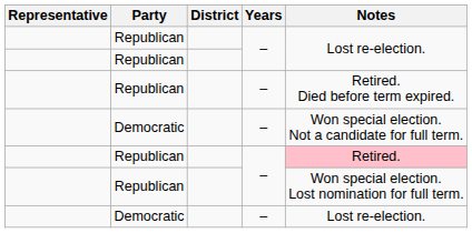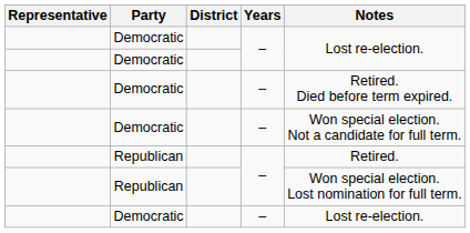 <table class="wikitable sortable" style="text-align:center">
 <tr valign=bottom>
 <th>Representative</th>
 <th>Party</th>
 <th>District</th>
 <th>Years</th>
 <th>Notes</th>
 </tr>
 <tr>
 <td align=left></td>
-<td>Republican</td>
+<td>Democratic</td>
 <td></td>
 <td rowspan="2" nowrap=""> –<br></td>
 <td rowspan="2">Lost re-election.</td>
 </tr>
 <tr>
 <td align=left></td>
-<td>Republican</td>
+<td>Democratic</td>
 <td></td>
 </tr>
 <tr>
 <td align=left></td>
-<td>Republican</td>
+<td>Democratic</td>
 <td></td>
 <td nowrap> –<br></td>
 <td>Retired.<br>Died before term expired.</td>
 </tr>
 <tr>
 <td align=left></td>
 <td>Democratic</td>
 <td></td>
 <td nowrap> –<br></td>
 <td>Won special election.<br>Not a candidate for full term.</td>
 </tr>
 <tr>
 <td align=left></td>
 <td>Republican</td>
 <td></td>
 <td rowspan="2" nowrap=""> –<br></td>
-<td style="background: pink;">Retired.</td>
+<td>Retired.</td>
 </tr>
 <tr>
 <td align=left></td>
 <td>Republican</td>
 <td></td>
 <td>Won special election.<br>Lost nomination for full term.</td>
 </tr>
 <tr>
 <td align=left></td>
 <td>Democratic</td>
 <td></td>
 <td nowrap> –<br></td>
 <td>Lost re-election.</td>
 </tr>
 </table>
